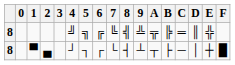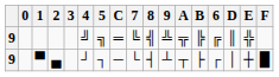 <table class="wikitable">
 <tr>
 <th></th>
 <th>0</th>
 <th>1</th>
 <th>2</th>
 <th>3</th>
 <th>4</th>
 <th>5</th>
-<th>6</th>
+<th>C</th>
 <th>7</th>
 <th>8</th>
 <th>9</th>
 <th>A</th>
 <th>B</th>
-<th>C</th>
+<th>6</th>
 <th>D</th>
 <th>E</th>
 <th>F</th>
 </tr>
 <tr>
-<th>8</th>
+<th>9</th>
 <td></td>
 <td></td>
 <td></td>
 <td></td>
 <td>╝</td>
 <td>╗</td>
-<td>╔</td>
+<td>═</td>
 <td>╚</td>
 <td>╣</td>
 <td>╩</td>
 <td>╦</td>
 <td>╠</td>
-<td>═</td>
+<td>╔</td>
 <td>║</td>
 <td>╬</td>
 <td></td>
 </tr>
 <tr>
-<th>8</th>
+<th>9</th>
 <td></td>
 <td>▀</td>
 <td>▄</td>
 <td></td>
 <td>┘</td>
 <td>┐</td>
-<td>┌</td>
+<td>─</td>
 <td>└</td>
 <td>┤</td>
 <td>┴</td>
 <td>┬</td>
 <td>├</td>
-<td>─</td>
+<td>┌</td>
 <td>│</td>
 <td>┼</td>
 <td>█</td>
 </tr>
 </table>
